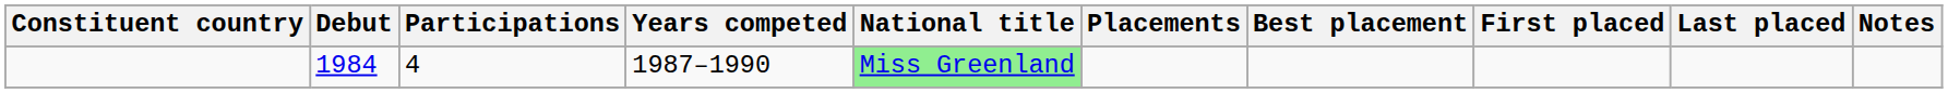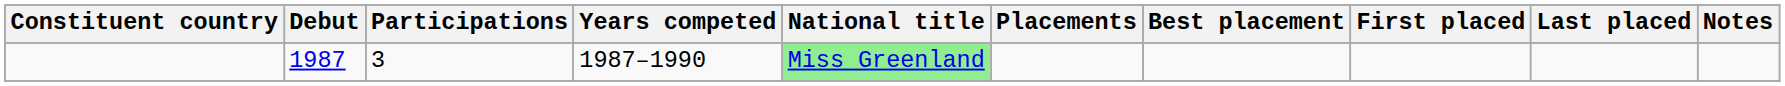 <table class="wikitable" style="font-size: 95%;">
 <tr>
 <th>Constituent country</th>
 <th>Debut</th>
 <th>Participations</th>
 <th>Years competed</th>
 <th>National title</th>
 <th>Placements</th>
 <th>Best placement</th>
 <th>First placed</th>
 <th>Last placed</th>
 <th>Notes</th>
 </tr>
 <tr>
 <td><strong></strong></td>
-<td><a href='#'>1984</a></td>
-<td>4</td>
+<td><a href='#'>1987</a></td>
+<td>3</td>
 <td>1987–1990</td>
 <td style="background: lightgreen;"><a href='#'>Miss Greenland</a></td>
 <td></td>
 <td></td>
 <td></td>
 <td></td>
 <td></td>
 </tr>
 </table>
